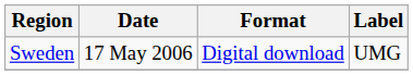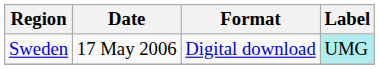 <table class=wikitable>
 <tr>
 <th>Region</th>
 <th>Date</th>
 <th>Format</th>
 <th>Label</th>
 </tr>
 <tr>
 <td><a href='#'>Sweden</a></td>
 <td>17 May 2006</td>
 <td><a href='#'>Digital download</a></td>
-<td>UMG</td>
+<td style="background: paleturquoise;">UMG</td>
 </tr>
 <tr>
 </tr>
 </table>
